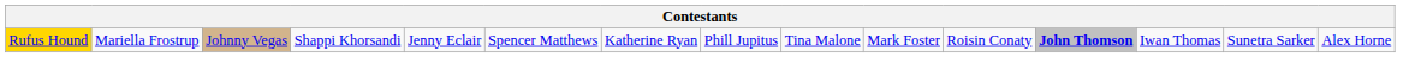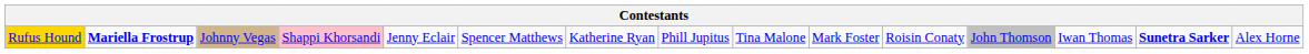 <table class="wikitable collapsible">
 <tr>
 <th colspan="15">Contestants</th>
 </tr>
 <tr>
 <td style="background:gold"><a href='#'>Rufus Hound</a></td>
-<td><a href='#'>Mariella Frostrup</a></td>
+<td><strong><a href='#'>Mariella Frostrup</a></strong></td>
 <td style="background:tan"><a href='#'>Johnny Vegas</a></td>
-<td><a href='#'>Shappi Khorsandi</a></td>
+<td style="background: pink;"><a href='#'>Shappi Khorsandi</a></td>
 <td><a href='#'>Jenny Eclair</a></td>
 <td><a href='#'>Spencer Matthews</a></td>
 <td><a href='#'>Katherine Ryan</a></td>
 <td><a href='#'>Phill Jupitus</a></td>
 <td><a href='#'>Tina Malone</a></td>
 <td><a href='#'>Mark Foster</a></td>
 <td><a href='#'>Roisin Conaty</a></td>
-<td style="background:silver"><strong><a href='#'>John Thomson</a></strong></td>
+<td style="background:silver"><a href='#'>John Thomson</a></td>
 <td><a href='#'>Iwan Thomas</a></td>
-<td><a href='#'>Sunetra Sarker</a></td>
+<td><strong><a href='#'>Sunetra Sarker</a></strong></td>
 <td><a href='#'>Alex Horne</a></td>
 </tr>
 </table>
